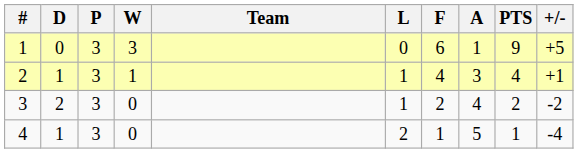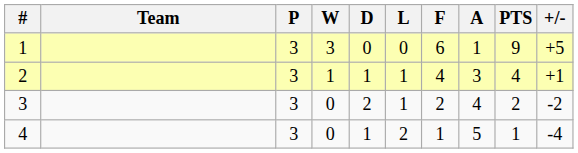 <table class="wikitable" border="1">
 <tr>
 <th width="25">#</th>
-<th width="25">D</th>
+<th width="200">Team</th>
 <th width="25">P</th>
 <th width="25">W</th>
-<th width="200">Team</th>
+<th width="25">D</th>
 <th width="25">L</th>
 <th width="25">F</th>
 <th width="25">A</th>
 <th width="25">PTS</th>
 <th width="25">+/-</th>
 </tr>
 <tr bgcolor="FCFFB2">
 <td align="center">1</td>
-<td align="center">0</td>
+<td></td>
 <td align="center">3</td>
 <td align="center">3</td>
-<td></td>
+<td align="center">0</td>
 <td align="center">0</td>
 <td align="center">6</td>
 <td align="center">1</td>
 <td align="center">9</td>
 <td align="center">+5</td>
 </tr>
 <tr bgcolor="FCFFB2">
 <td align="center">2</td>
-<td align="center">1</td>
+<td></td>
 <td align="center">3</td>
 <td align="center">1</td>
-<td></td>
+<td align="center">1</td>
 <td align="center">1</td>
 <td align="center">4</td>
 <td align="center">3</td>
 <td align="center">4</td>
 <td align="center">+1</td>
 </tr>
 <tr>
 <td align="center">3</td>
-<td align="center">2</td>
+<td></td>
 <td align="center">3</td>
 <td align="center">0</td>
-<td></td>
+<td align="center">2</td>
 <td align="center">1</td>
 <td align="center">2</td>
 <td align="center">4</td>
 <td align="center">2</td>
 <td align="center">-2</td>
 </tr>
 <tr>
 <td align="center">4</td>
-<td align="center">1</td>
+<td></td>
 <td align="center">3</td>
 <td align="center">0</td>
-<td></td>
+<td align="center">1</td>
 <td align="center">2</td>
 <td align="center">1</td>
 <td align="center">5</td>
 <td align="center">1</td>
 <td align="center">-4</td>
 </tr>
 </table>
